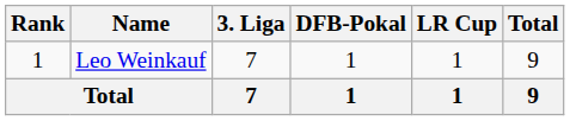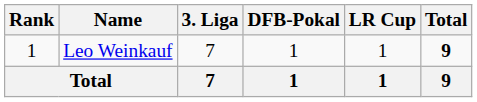 <table class="wikitable" style="text-align: center;">
 <tr>
 <th>Rank</th>
 <th>Name</th>
 <th>3. Liga</th>
 <th>DFB-Pokal</th>
 <th>LR Cup</th>
 <th>Total</th>
 </tr>
 <tr>
 <td>1</td>
 <td align=left> <a href='#'>Leo Weinkauf</a></td>
 <td>7</td>
 <td>1</td>
 <td>1</td>
-<td>9</td>
+<td><strong>9</strong></td>
 </tr>
 <tr>
 <th colspan=2>Total</th>
 <th>7</th>
 <th>1</th>
 <th>1</th>
 <th>9</th>
 </tr>
 </table>
